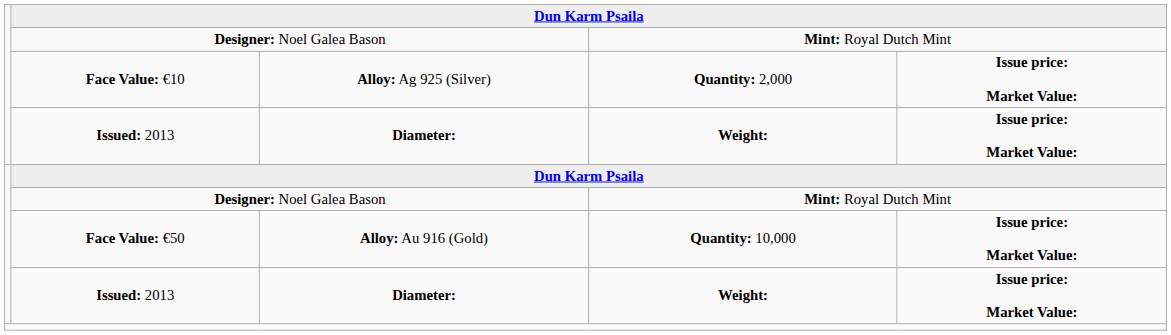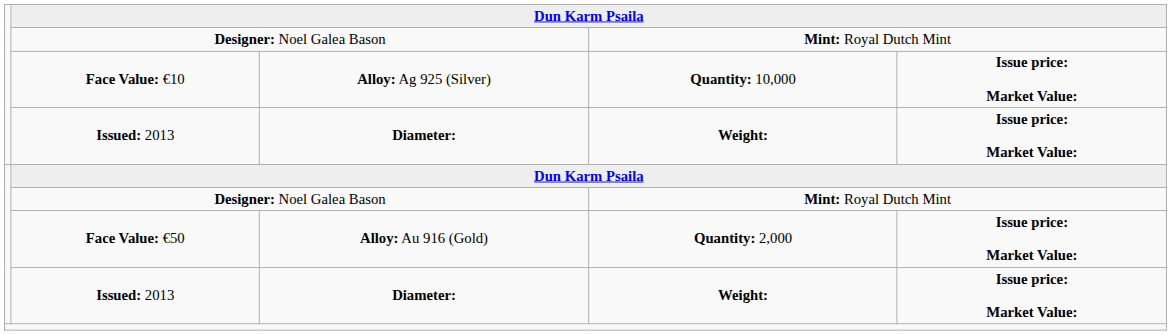 <table class="wikitable" width=100%>
 <tr>
 <td rowspan=4 width="330px" nowrap align=center></td>
 <th colspan="4" align=center style="background:#eeeeee;"><a href='#'>Dun Karm Psaila</a></th>
 </tr>
 <tr>
 <td colspan="2" width="50%" align=center><strong>Designer:</strong> Noel Galea Bason</td>
 <td colspan="2" width="50%" align=center><strong>Mint:</strong> Royal Dutch Mint</td>
 </tr>
 <tr>
 <td align=center><strong>Face Value:</strong> €10</td>
 <td align=center><strong>Alloy:</strong> Ag 925 (Silver)</td>
-<td align=center><strong>Quantity:</strong> 2,000</td>
+<td align=center><strong>Quantity:</strong> 10,000</td>
 <td align=center><strong>Issue price:</strong><br><br> <strong>Market Value:</strong></td>
 </tr>
 <tr>
 <td align=center><strong>Issued:</strong> 2013</td>
 <td align=center><strong>Diameter:</strong> </td>
 <td align=center><strong>Weight:</strong> </td>
 <td align=center><strong>Issue price:</strong><br><br> <strong>Market Value:</strong></td>
 </tr>
 <tr>
 <td rowspan=4 width="330px" nowrap align=center></td>
 <th colspan="4" align=center style="background:#eeeeee;"><a href='#'>Dun Karm Psaila</a></th>
 </tr>
 <tr>
 <td colspan="2" width="50%" align=center><strong>Designer:</strong> Noel Galea Bason</td>
 <td colspan="2" width="50%" align=center><strong>Mint:</strong> Royal Dutch Mint</td>
 </tr>
 <tr>
 <td align=center><strong>Face Value:</strong> €50</td>
 <td align=center><strong>Alloy:</strong> Au 916 (Gold)</td>
-<td align=center><strong>Quantity:</strong> 10,000</td>
+<td align=center><strong>Quantity:</strong> 2,000</td>
 <td align=center><strong>Issue price:</strong><br><br> <strong>Market Value:</strong></td>
 </tr>
 <tr>
 <td align=center><strong>Issued:</strong> 2013</td>
 <td align=center><strong>Diameter:</strong> </td>
 <td align=center><strong>Weight:</strong> </td>
 <td align=center><strong>Issue price:</strong><br><br> <strong>Market Value:</strong></td>
 </tr>
 <tr>
 <td colspan="5" align=left></td>
 </tr>
 </table>
